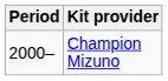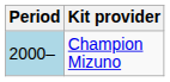 <table class="wikitable" style="text-align: left">
 <tr>
 <th>Period</th>
 <th>Kit provider</th>
 </tr>
 <tr>
-<td>2000–</td>
+<td style="background: lightblue;">2000–</td>
 <td><a href='#'>Champion</a><br><a href='#'>Mizuno</a></td>
 </tr>
 </table>
